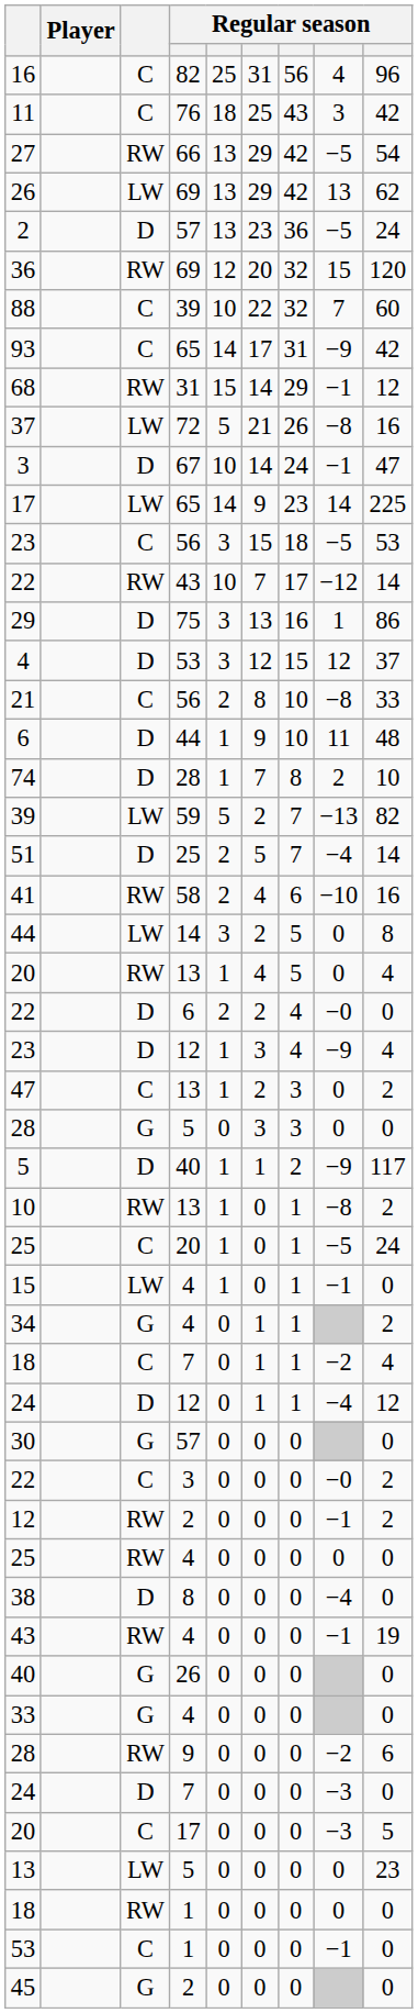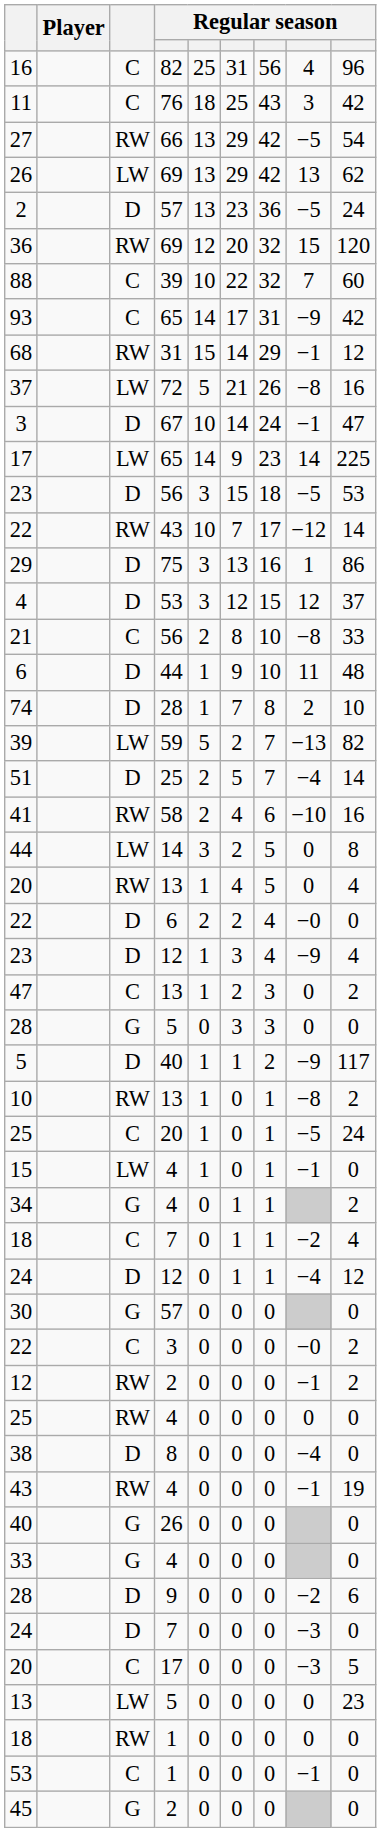 <table class="wikitable sortable plainrowheaders" style="text-align:center;">
 <tr>
 <th scope="col" data-sort-type="number" rowspan="2"></th>
 <th scope="col" rowspan="2">Player</th>
 <th scope="col" rowspan="2"></th>
 <th scope=colgroup colspan=6>Regular season</th>
 </tr>
 <tr>
 <th scope="col" data-sort-type="number"></th>
 <th scope="col" data-sort-type="number"></th>
 <th scope="col" data-sort-type="number"></th>
 <th scope="col" data-sort-type="number"></th>
 <th scope="col" data-sort-type="number"></th>
 <th scope="col" data-sort-type="number"></th>
 </tr>
 <tr>
 <td scope="row">16</td>
 <td align="left"></td>
 <td>C</td>
 <td>82</td>
 <td>25</td>
 <td>31</td>
 <td>56</td>
 <td>4</td>
 <td>96</td>
 </tr>
 <tr>
 <td scope="row">11</td>
 <td align="left"></td>
 <td>C</td>
 <td>76</td>
 <td>18</td>
 <td>25</td>
 <td>43</td>
 <td>3</td>
 <td>42</td>
 </tr>
 <tr>
 <td scope="row">27</td>
 <td align="left"></td>
 <td>RW</td>
 <td>66</td>
 <td>13</td>
 <td>29</td>
 <td>42</td>
 <td>−5</td>
 <td>54</td>
 </tr>
 <tr>
 <td scope="row">26</td>
 <td align="left"></td>
 <td>LW</td>
 <td>69</td>
 <td>13</td>
 <td>29</td>
 <td>42</td>
 <td>13</td>
 <td>62</td>
 </tr>
 <tr>
 <td scope="row">2</td>
 <td align="left"></td>
 <td>D</td>
 <td>57</td>
 <td>13</td>
 <td>23</td>
 <td>36</td>
 <td>−5</td>
 <td>24</td>
 </tr>
 <tr>
 <td scope="row">36</td>
 <td align="left"></td>
 <td>RW</td>
 <td>69</td>
 <td>12</td>
 <td>20</td>
 <td>32</td>
 <td>15</td>
 <td>120</td>
 </tr>
 <tr>
 <td scope="row">88</td>
 <td align="left"></td>
 <td>C</td>
 <td>39</td>
 <td>10</td>
 <td>22</td>
 <td>32</td>
 <td>7</td>
 <td>60</td>
 </tr>
 <tr>
 <td scope="row">93</td>
 <td align="left"></td>
 <td>C</td>
 <td>65</td>
 <td>14</td>
 <td>17</td>
 <td>31</td>
 <td>−9</td>
 <td>42</td>
 </tr>
 <tr>
 <td scope="row">68</td>
 <td align="left"></td>
 <td>RW</td>
 <td>31</td>
 <td>15</td>
 <td>14</td>
 <td>29</td>
 <td>−1</td>
 <td>12</td>
 </tr>
 <tr>
 <td scope="row">37</td>
 <td align="left"></td>
 <td>LW</td>
 <td>72</td>
 <td>5</td>
 <td>21</td>
 <td>26</td>
 <td>−8</td>
 <td>16</td>
 </tr>
 <tr>
 <td scope="row">3</td>
 <td align="left"></td>
 <td>D</td>
 <td>67</td>
 <td>10</td>
 <td>14</td>
 <td>24</td>
 <td>−1</td>
 <td>47</td>
 </tr>
 <tr>
 <td scope="row">17</td>
 <td align="left"></td>
 <td>LW</td>
 <td>65</td>
 <td>14</td>
 <td>9</td>
 <td>23</td>
 <td>14</td>
 <td>225</td>
 </tr>
 <tr>
 <td scope="row">23</td>
 <td align="left"></td>
-<td>C</td>
+<td>D</td>
 <td>56</td>
 <td>3</td>
 <td>15</td>
 <td>18</td>
 <td>−5</td>
 <td>53</td>
 </tr>
 <tr>
 <td scope="row">22</td>
 <td align="left"></td>
 <td>RW</td>
 <td>43</td>
 <td>10</td>
 <td>7</td>
 <td>17</td>
 <td>−12</td>
 <td>14</td>
 </tr>
 <tr>
 <td scope="row">29</td>
 <td align="left"></td>
 <td>D</td>
 <td>75</td>
 <td>3</td>
 <td>13</td>
 <td>16</td>
 <td>1</td>
 <td>86</td>
 </tr>
 <tr>
 <td scope="row">4</td>
 <td align="left"></td>
 <td>D</td>
 <td>53</td>
 <td>3</td>
 <td>12</td>
 <td>15</td>
 <td>12</td>
 <td>37</td>
 </tr>
 <tr>
 <td scope="row">21</td>
 <td align="left"></td>
 <td>C</td>
 <td>56</td>
 <td>2</td>
 <td>8</td>
 <td>10</td>
 <td>−8</td>
 <td>33</td>
 </tr>
 <tr>
 <td scope="row">6</td>
 <td align="left"></td>
 <td>D</td>
 <td>44</td>
 <td>1</td>
 <td>9</td>
 <td>10</td>
 <td>11</td>
 <td>48</td>
 </tr>
 <tr>
 <td scope="row">74</td>
 <td align="left"></td>
 <td>D</td>
 <td>28</td>
 <td>1</td>
 <td>7</td>
 <td>8</td>
 <td>2</td>
 <td>10</td>
 </tr>
 <tr>
 <td scope="row">39</td>
 <td align="left"></td>
 <td>LW</td>
 <td>59</td>
 <td>5</td>
 <td>2</td>
 <td>7</td>
 <td>−13</td>
 <td>82</td>
 </tr>
 <tr>
 <td scope="row">51</td>
 <td align="left"></td>
 <td>D</td>
 <td>25</td>
 <td>2</td>
 <td>5</td>
 <td>7</td>
 <td>−4</td>
 <td>14</td>
 </tr>
 <tr>
 <td scope="row">41</td>
 <td align="left"></td>
 <td>RW</td>
 <td>58</td>
 <td>2</td>
 <td>4</td>
 <td>6</td>
 <td>−10</td>
 <td>16</td>
 </tr>
 <tr>
 <td scope="row">44</td>
 <td align="left"></td>
 <td>LW</td>
 <td>14</td>
 <td>3</td>
 <td>2</td>
 <td>5</td>
 <td>0</td>
 <td>8</td>
 </tr>
 <tr>
 <td scope="row">20</td>
 <td align="left"></td>
 <td>RW</td>
 <td>13</td>
 <td>1</td>
 <td>4</td>
 <td>5</td>
 <td>0</td>
 <td>4</td>
 </tr>
 <tr>
 <td scope="row">22</td>
 <td align="left"></td>
 <td>D</td>
 <td>6</td>
 <td>2</td>
 <td>2</td>
 <td>4</td>
 <td>−0</td>
 <td>0</td>
 </tr>
 <tr>
 <td scope="row">23</td>
 <td align="left"></td>
 <td>D</td>
 <td>12</td>
 <td>1</td>
 <td>3</td>
 <td>4</td>
 <td>−9</td>
 <td>4</td>
 </tr>
 <tr>
 <td scope="row">47</td>
 <td align="left"></td>
 <td>C</td>
 <td>13</td>
 <td>1</td>
 <td>2</td>
 <td>3</td>
 <td>0</td>
 <td>2</td>
 </tr>
 <tr>
 <td scope="row">28</td>
 <td align="left"></td>
 <td>G</td>
 <td>5</td>
 <td>0</td>
 <td>3</td>
 <td>3</td>
 <td>0</td>
 <td>0</td>
 </tr>
 <tr>
 <td scope="row">5</td>
 <td align="left"></td>
 <td>D</td>
 <td>40</td>
 <td>1</td>
 <td>1</td>
 <td>2</td>
 <td>−9</td>
 <td>117</td>
 </tr>
 <tr>
 <td scope="row">10</td>
 <td align="left"></td>
 <td>RW</td>
 <td>13</td>
 <td>1</td>
 <td>0</td>
 <td>1</td>
 <td>−8</td>
 <td>2</td>
 </tr>
 <tr>
 <td scope="row">25</td>
 <td align="left"></td>
 <td>C</td>
 <td>20</td>
 <td>1</td>
 <td>0</td>
 <td>1</td>
 <td>−5</td>
 <td>24</td>
 </tr>
 <tr>
 <td scope="row">15</td>
 <td align="left"></td>
 <td>LW</td>
 <td>4</td>
 <td>1</td>
 <td>0</td>
 <td>1</td>
 <td>−1</td>
 <td>0</td>
 </tr>
 <tr>
 <td scope="row">34</td>
 <td align="left"></td>
 <td>G</td>
 <td>4</td>
 <td>0</td>
 <td>1</td>
 <td>1</td>
 <td style="background:#ccc"></td>
 <td>2</td>
 </tr>
 <tr>
 <td scope="row">18</td>
 <td align="left"></td>
 <td>C</td>
 <td>7</td>
 <td>0</td>
 <td>1</td>
 <td>1</td>
 <td>−2</td>
 <td>4</td>
 </tr>
 <tr>
 <td scope="row">24</td>
 <td align="left"></td>
 <td>D</td>
 <td>12</td>
 <td>0</td>
 <td>1</td>
 <td>1</td>
 <td>−4</td>
 <td>12</td>
 </tr>
 <tr>
 <td scope="row">30</td>
 <td align="left"></td>
 <td>G</td>
 <td>57</td>
 <td>0</td>
 <td>0</td>
 <td>0</td>
 <td style="background:#ccc"></td>
 <td>0</td>
 </tr>
 <tr>
 <td scope="row">22</td>
 <td align="left"></td>
 <td>C</td>
 <td>3</td>
 <td>0</td>
 <td>0</td>
 <td>0</td>
 <td>−0</td>
 <td>2</td>
 </tr>
 <tr>
 <td scope="row">12</td>
 <td align="left"></td>
 <td>RW</td>
 <td>2</td>
 <td>0</td>
 <td>0</td>
 <td>0</td>
 <td>−1</td>
 <td>2</td>
 </tr>
 <tr>
 <td scope="row">25</td>
 <td align="left"></td>
 <td>RW</td>
 <td>4</td>
 <td>0</td>
 <td>0</td>
 <td>0</td>
 <td>0</td>
 <td>0</td>
 </tr>
 <tr>
 <td scope="row">38</td>
 <td align="left"></td>
 <td>D</td>
 <td>8</td>
 <td>0</td>
 <td>0</td>
 <td>0</td>
 <td>−4</td>
 <td>0</td>
 </tr>
 <tr>
 <td scope="row">43</td>
 <td align="left"></td>
 <td>RW</td>
 <td>4</td>
 <td>0</td>
 <td>0</td>
 <td>0</td>
 <td>−1</td>
 <td>19</td>
 </tr>
 <tr>
 <td scope="row">40</td>
 <td align="left"></td>
 <td>G</td>
 <td>26</td>
 <td>0</td>
 <td>0</td>
 <td>0</td>
 <td style="background:#ccc"></td>
 <td>0</td>
 </tr>
 <tr>
 <td scope="row">33</td>
 <td align="left"></td>
 <td>G</td>
 <td>4</td>
 <td>0</td>
 <td>0</td>
 <td>0</td>
 <td style="background:#ccc"></td>
 <td>0</td>
 </tr>
 <tr>
 <td scope="row">28</td>
 <td align="left"></td>
-<td>RW</td>
+<td>D</td>
 <td>9</td>
 <td>0</td>
 <td>0</td>
 <td>0</td>
 <td>−2</td>
 <td>6</td>
 </tr>
 <tr>
 <td scope="row">24</td>
 <td align="left"></td>
 <td>D</td>
 <td>7</td>
 <td>0</td>
 <td>0</td>
 <td>0</td>
 <td>−3</td>
 <td>0</td>
 </tr>
 <tr>
 <td scope="row">20</td>
 <td align="left"></td>
 <td>C</td>
 <td>17</td>
 <td>0</td>
 <td>0</td>
 <td>0</td>
 <td>−3</td>
 <td>5</td>
 </tr>
 <tr>
 <td scope="row">13</td>
 <td align="left"></td>
 <td>LW</td>
 <td>5</td>
 <td>0</td>
 <td>0</td>
 <td>0</td>
 <td>0</td>
 <td>23</td>
 </tr>
 <tr>
 <td scope="row">18</td>
 <td align="left"></td>
 <td>RW</td>
 <td>1</td>
 <td>0</td>
 <td>0</td>
 <td>0</td>
 <td>0</td>
 <td>0</td>
 </tr>
 <tr>
 <td scope="row">53</td>
 <td align="left"></td>
 <td>C</td>
 <td>1</td>
 <td>0</td>
 <td>0</td>
 <td>0</td>
 <td>−1</td>
 <td>0</td>
 </tr>
 <tr>
 <td scope="row">45</td>
 <td align="left"></td>
 <td>G</td>
 <td>2</td>
 <td>0</td>
 <td>0</td>
 <td>0</td>
 <td style="background:#ccc"></td>
 <td>0</td>
 </tr>
 </table>
